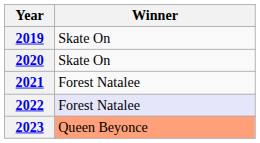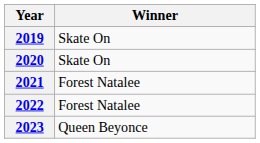 <table class="wikitable">
 <tr>
 <th width=50>Year</th>
 <th width=220>Winner</th>
 </tr>
 <tr>
 <th><a href='#'>2019</a></th>
 <td>Skate On</td>
 </tr>
 <tr>
 <th><a href='#'>2020</a></th>
 <td>Skate On</td>
 </tr>
 <tr>
 <th><a href='#'>2021</a></th>
 <td>Forest Natalee</td>
 </tr>
 <tr>
 <th><a href='#'>2022</a></th>
-<td style="background: lavender;">Forest Natalee</td>
+<td>Forest Natalee</td>
 </tr>
 <tr>
 <th><a href='#'>2023</a></th>
-<td style="background: lightsalmon;">Queen Beyonce</td>
+<td>Queen Beyonce</td>
 </tr>
 </table>
